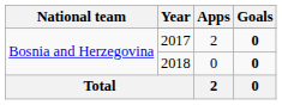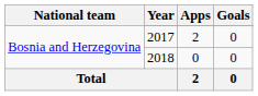 <table class="wikitable" style="text-align: center;">
 <tr>
 <th>National team</th>
 <th>Year</th>
 <th>Apps</th>
 <th>Goals</th>
 </tr>
 <tr>
 <td rowspan=3><a href='#'>Bosnia and Herzegovina</a></td>
 </tr>
 <tr>
 <td>2017</td>
 <td>2</td>
-<td><strong>0</strong></td>
+<td>0</td>
 </tr>
 <tr>
 <td>2018</td>
 <td>0</td>
-<td><strong>0</strong></td>
+<td>0</td>
 </tr>
 <tr>
 <th colspan=2>Total</th>
 <th>2</th>
 <th>0</th>
 </tr>
 </table>
